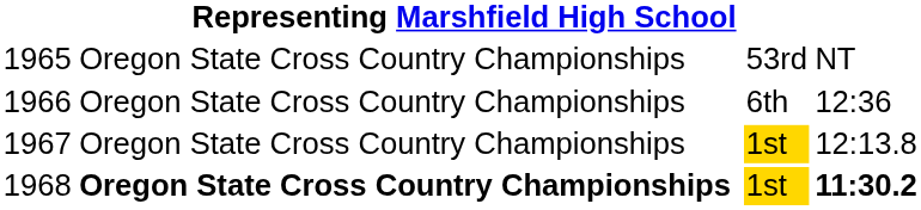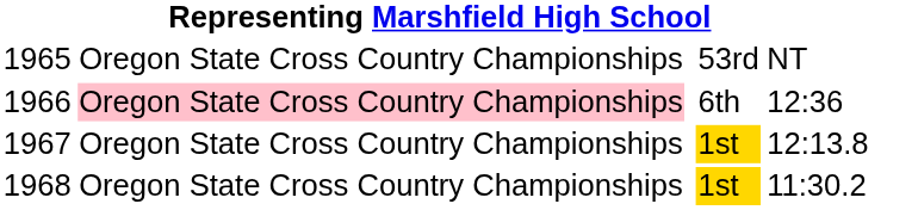 <table>
 <tr>
 <th colspan=6>Representing <a href='#'>Marshfield High School</a></th>
 </tr>
 <tr>
 <td>1965</td>
 <td>Oregon State Cross Country Championships</td>
 <td></td>
 <td>53rd</td>
 <td>NT</td>
 <td></td>
 </tr>
 <tr>
 <td>1966</td>
-<td>Oregon State Cross Country Championships</td>
+<td style="background: pink;">Oregon State Cross Country Championships</td>
 <td></td>
 <td>6th</td>
 <td>12:36</td>
 <td></td>
 </tr>
 <tr>
 <td>1967</td>
 <td>Oregon State Cross Country Championships</td>
 <td></td>
 <td bgcolor=gold>1st</td>
 <td>12:13.8</td>
 <td></td>
 </tr>
 <tr>
 <td>1968</td>
-<td><strong>Oregon State Cross Country Championships</strong></td>
+<td>Oregon State Cross Country Championships</td>
 <td></td>
 <td bgcolor=gold>1st</td>
-<td><strong>11:30.2</strong></td>
+<td>11:30.2</td>
 <td></td>
 </tr>
 </table>
